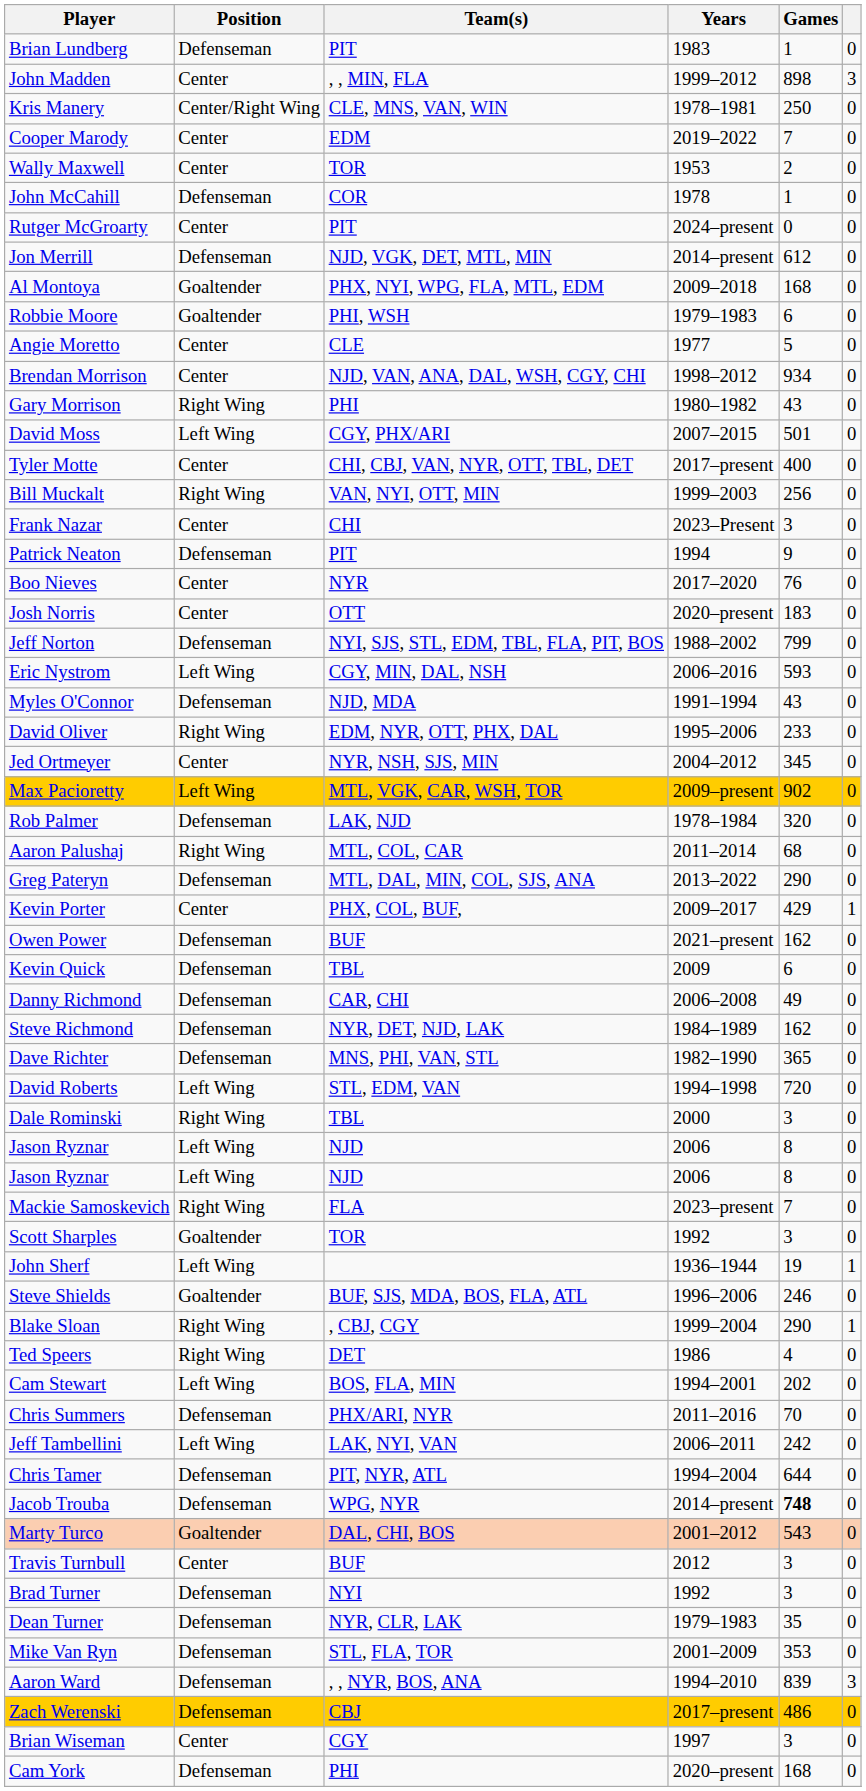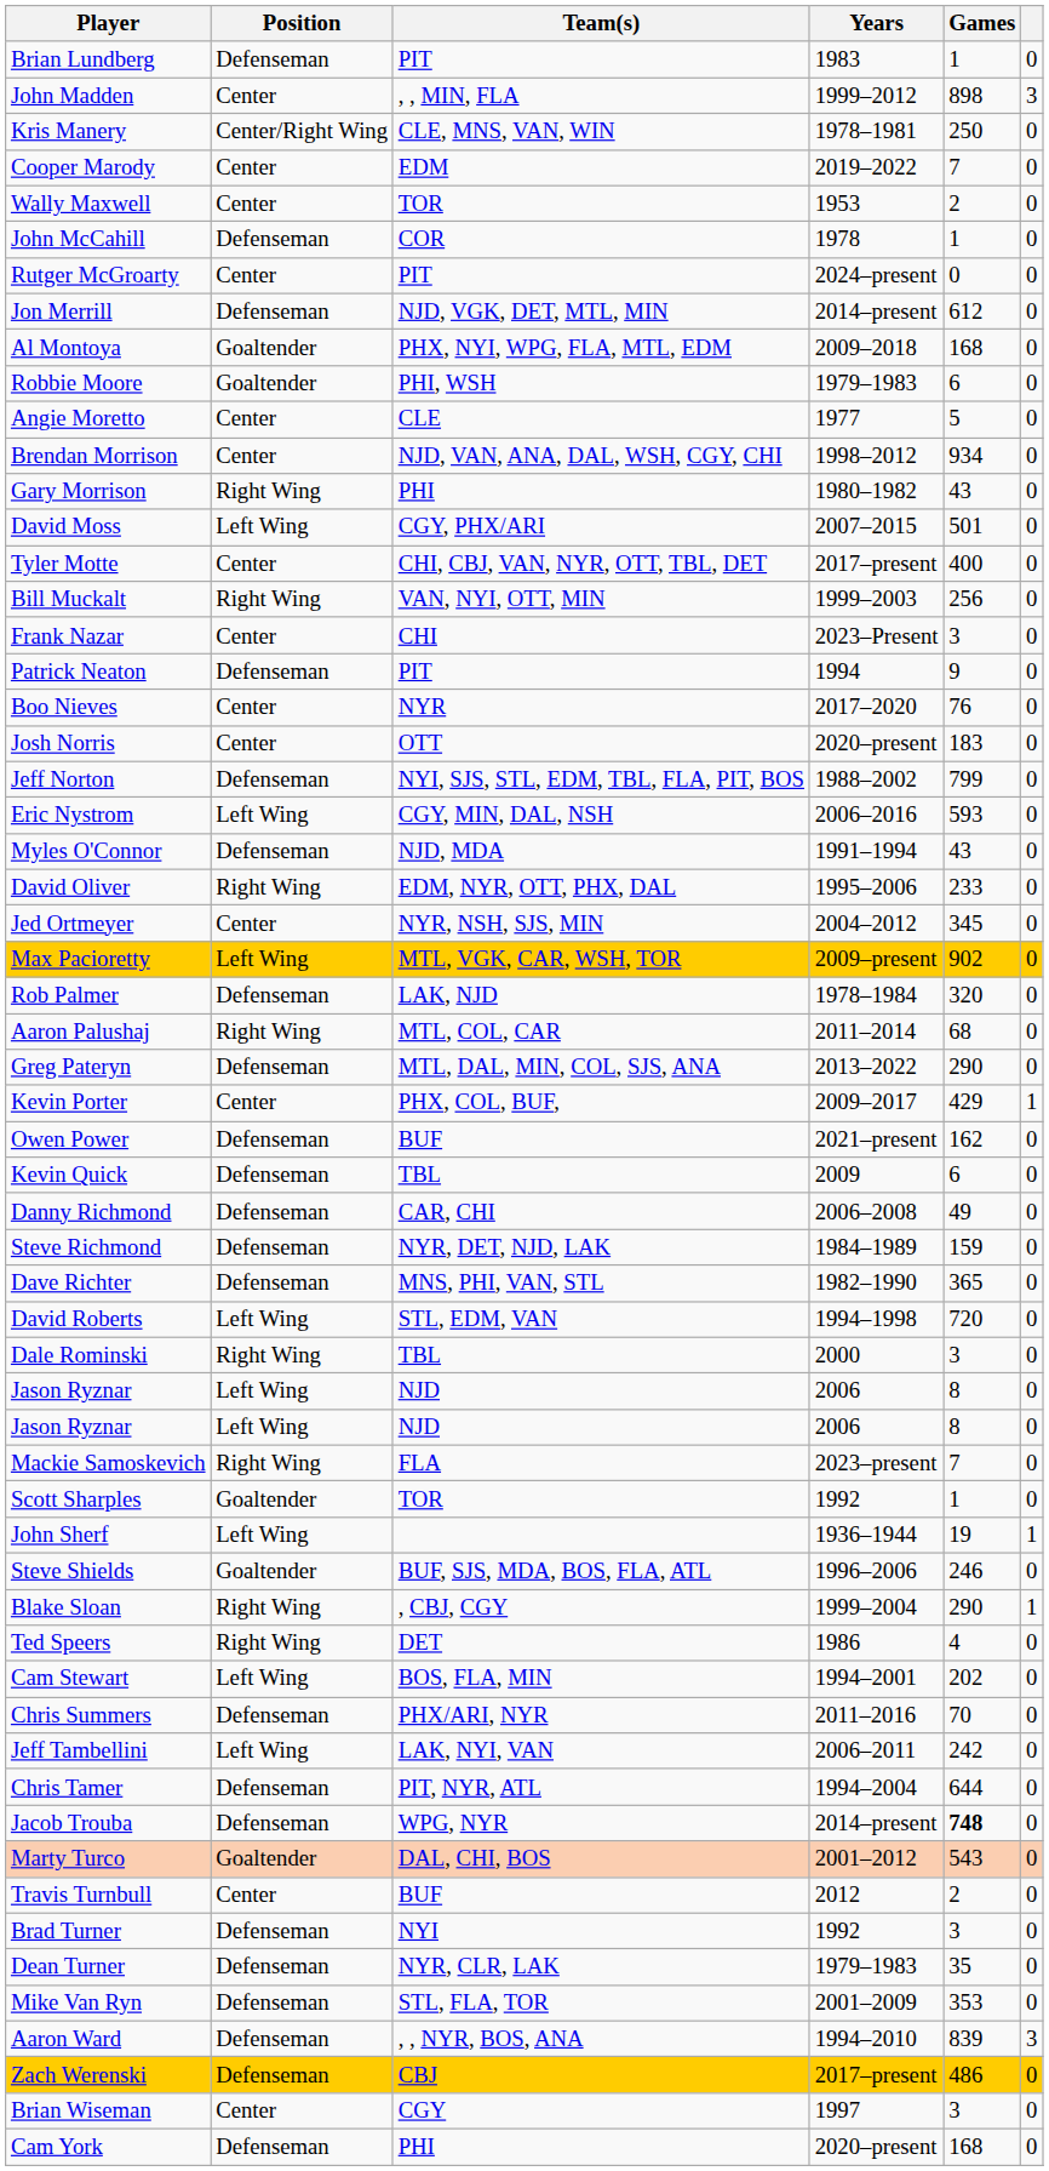 <table class="wikitable sortable">
 <tr>
 <th>Player</th>
 <th>Position</th>
 <th>Team(s)</th>
 <th>Years</th>
 <th>Games</th>
 <th><a href='#'></a></th>
 </tr>
 <tr>
 <td><a href='#'>Brian Lundberg</a></td>
 <td>Defenseman</td>
 <td><a href='#'>PIT</a></td>
 <td>1983</td>
 <td>1</td>
 <td>0</td>
 </tr>
 <tr>
 <td><a href='#'>John Madden</a></td>
 <td>Center</td>
 <td><span><strong></strong></span>, <span><strong></strong></span>, <a href='#'>MIN</a>, <a href='#'>FLA</a></td>
 <td>1999–2012</td>
 <td>898</td>
 <td>3</td>
 </tr>
 <tr>
 <td><a href='#'>Kris Manery</a></td>
 <td>Center/Right Wing</td>
 <td><a href='#'>CLE</a>, <a href='#'>MNS</a>, <a href='#'>VAN</a>, <a href='#'>WIN</a></td>
 <td>1978–1981</td>
 <td>250</td>
 <td>0</td>
 </tr>
 <tr>
 <td><a href='#'>Cooper Marody</a></td>
 <td>Center</td>
 <td><a href='#'>EDM</a></td>
 <td>2019–2022</td>
 <td>7</td>
 <td>0</td>
 </tr>
 <tr>
 <td><a href='#'>Wally Maxwell</a></td>
 <td>Center</td>
 <td><a href='#'>TOR</a></td>
 <td>1953</td>
 <td>2</td>
 <td>0</td>
 </tr>
 <tr>
 <td><a href='#'>John McCahill</a></td>
 <td>Defenseman</td>
 <td><a href='#'>COR</a></td>
 <td>1978</td>
 <td>1</td>
 <td>0</td>
 </tr>
 <tr>
 <td><a href='#'>Rutger McGroarty</a></td>
 <td>Center</td>
 <td><a href='#'>PIT</a></td>
 <td>2024–present</td>
 <td>0</td>
 <td>0</td>
 </tr>
 <tr>
 <td><a href='#'>Jon Merrill</a></td>
 <td>Defenseman</td>
 <td><a href='#'>NJD</a>, <a href='#'>VGK</a>, <a href='#'>DET</a>, <a href='#'>MTL</a>, <a href='#'>MIN</a></td>
 <td>2014–present</td>
 <td>612</td>
 <td>0</td>
 </tr>
 <tr>
 <td><a href='#'>Al Montoya</a></td>
 <td>Goaltender</td>
 <td><a href='#'>PHX</a>, <a href='#'>NYI</a>, <a href='#'>WPG</a>, <a href='#'>FLA</a>, <a href='#'>MTL</a>, <a href='#'>EDM</a></td>
 <td>2009–2018</td>
 <td>168</td>
 <td>0</td>
 </tr>
 <tr>
 <td><a href='#'>Robbie Moore</a></td>
 <td>Goaltender</td>
 <td><a href='#'>PHI</a>, <a href='#'>WSH</a></td>
 <td>1979–1983</td>
 <td>6</td>
 <td>0</td>
 </tr>
 <tr>
 <td><a href='#'>Angie Moretto</a></td>
 <td>Center</td>
 <td><a href='#'>CLE</a></td>
 <td>1977</td>
 <td>5</td>
 <td>0</td>
 </tr>
 <tr>
 <td><a href='#'>Brendan Morrison</a></td>
 <td>Center</td>
 <td><a href='#'>NJD</a>, <a href='#'>VAN</a>, <a href='#'>ANA</a>, <a href='#'>DAL</a>, <a href='#'>WSH</a>, <a href='#'>CGY</a>, <a href='#'>CHI</a></td>
 <td>1998–2012</td>
 <td>934</td>
 <td>0</td>
 </tr>
 <tr>
 <td><a href='#'>Gary Morrison</a></td>
 <td>Right Wing</td>
 <td><a href='#'>PHI</a></td>
 <td>1980–1982</td>
 <td>43</td>
 <td>0</td>
 </tr>
 <tr>
 <td><a href='#'>David Moss</a></td>
 <td>Left Wing</td>
 <td><a href='#'>CGY</a>, <a href='#'>PHX/ARI</a></td>
 <td>2007–2015</td>
 <td>501</td>
 <td>0</td>
 </tr>
 <tr>
 <td><a href='#'>Tyler Motte</a></td>
 <td>Center</td>
 <td><a href='#'>CHI</a>, <a href='#'>CBJ</a>, <a href='#'>VAN</a>, <a href='#'>NYR</a>, <a href='#'>OTT</a>, <a href='#'>TBL</a>, <a href='#'>DET</a></td>
 <td>2017–present</td>
 <td>400</td>
 <td>0</td>
 </tr>
 <tr>
 <td><a href='#'>Bill Muckalt</a></td>
 <td>Right Wing</td>
 <td><a href='#'>VAN</a>, <a href='#'>NYI</a>, <a href='#'>OTT</a>, <a href='#'>MIN</a></td>
 <td>1999–2003</td>
 <td>256</td>
 <td>0</td>
 </tr>
 <tr>
 <td><a href='#'>Frank Nazar</a></td>
 <td>Center</td>
 <td><a href='#'>CHI</a></td>
 <td>2023–Present</td>
 <td>3</td>
 <td>0</td>
 </tr>
 <tr>
 <td><a href='#'>Patrick Neaton</a></td>
 <td>Defenseman</td>
 <td><a href='#'>PIT</a></td>
 <td>1994</td>
 <td>9</td>
 <td>0</td>
 </tr>
 <tr>
 <td><a href='#'>Boo Nieves</a></td>
 <td>Center</td>
 <td><a href='#'>NYR</a></td>
 <td>2017–2020</td>
 <td>76</td>
 <td>0</td>
 </tr>
 <tr>
 <td><a href='#'>Josh Norris</a></td>
 <td>Center</td>
 <td><a href='#'>OTT</a></td>
 <td>2020–present</td>
 <td>183</td>
 <td>0</td>
 </tr>
 <tr>
 <td><a href='#'>Jeff Norton</a></td>
 <td>Defenseman</td>
 <td><a href='#'>NYI</a>, <a href='#'>SJS</a>, <a href='#'>STL</a>, <a href='#'>EDM</a>, <a href='#'>TBL</a>, <a href='#'>FLA</a>, <a href='#'>PIT</a>, <a href='#'>BOS</a></td>
 <td>1988–2002</td>
 <td>799</td>
 <td>0</td>
 </tr>
 <tr>
 <td><a href='#'>Eric Nystrom</a></td>
 <td>Left Wing</td>
 <td><a href='#'>CGY</a>, <a href='#'>MIN</a>, <a href='#'>DAL</a>, <a href='#'>NSH</a></td>
 <td>2006–2016</td>
 <td>593</td>
 <td>0</td>
 </tr>
 <tr>
 <td><a href='#'>Myles O'Connor</a></td>
 <td>Defenseman</td>
 <td><a href='#'>NJD</a>, <a href='#'>MDA</a></td>
 <td>1991–1994</td>
 <td>43</td>
 <td>0</td>
 </tr>
 <tr>
 <td><a href='#'>David Oliver</a></td>
 <td>Right Wing</td>
 <td><a href='#'>EDM</a>, <a href='#'>NYR</a>, <a href='#'>OTT</a>, <a href='#'>PHX</a>, <a href='#'>DAL</a></td>
 <td>1995–2006</td>
 <td>233</td>
 <td>0</td>
 </tr>
 <tr>
 <td><a href='#'>Jed Ortmeyer</a></td>
 <td>Center</td>
 <td><a href='#'>NYR</a>, <a href='#'>NSH</a>, <a href='#'>SJS</a>, <a href='#'>MIN</a></td>
 <td>2004–2012</td>
 <td>345</td>
 <td>0</td>
 </tr>
 <tr bgcolor=FFCC00>
 <td><a href='#'>Max Pacioretty</a></td>
 <td>Left Wing</td>
 <td><a href='#'>MTL</a>, <a href='#'>VGK</a>, <a href='#'>CAR</a>, <a href='#'>WSH</a>, <a href='#'>TOR</a></td>
 <td>2009–present</td>
 <td>902</td>
 <td>0</td>
 </tr>
 <tr>
 <td><a href='#'>Rob Palmer</a></td>
 <td>Defenseman</td>
 <td><a href='#'>LAK</a>, <a href='#'>NJD</a></td>
 <td>1978–1984</td>
 <td>320</td>
 <td>0</td>
 </tr>
 <tr>
 <td><a href='#'>Aaron Palushaj</a></td>
 <td>Right Wing</td>
 <td><a href='#'>MTL</a>, <a href='#'>COL</a>, <a href='#'>CAR</a></td>
 <td>2011–2014</td>
 <td>68</td>
 <td>0</td>
 </tr>
 <tr>
 <td><a href='#'>Greg Pateryn</a></td>
 <td>Defenseman</td>
 <td><a href='#'>MTL</a>, <a href='#'>DAL</a>, <a href='#'>MIN</a>, <a href='#'>COL</a>, <a href='#'>SJS</a>, <a href='#'>ANA</a></td>
 <td>2013–2022</td>
 <td>290</td>
 <td>0</td>
 </tr>
 <tr>
 <td><a href='#'>Kevin Porter</a></td>
 <td>Center</td>
 <td><a href='#'>PHX</a>, <a href='#'>COL</a>, <a href='#'>BUF</a>, <span><strong></strong></span></td>
 <td>2009–2017</td>
 <td>429</td>
 <td>1</td>
 </tr>
 <tr>
 <td><a href='#'>Owen Power</a></td>
 <td>Defenseman</td>
 <td><a href='#'>BUF</a></td>
 <td>2021–present</td>
 <td>162</td>
 <td>0</td>
 </tr>
 <tr>
 <td><a href='#'>Kevin Quick</a></td>
 <td>Defenseman</td>
 <td><a href='#'>TBL</a></td>
 <td>2009</td>
 <td>6</td>
 <td>0</td>
 </tr>
 <tr>
 <td><a href='#'>Danny Richmond</a></td>
 <td>Defenseman</td>
 <td><a href='#'>CAR</a>, <a href='#'>CHI</a></td>
 <td>2006–2008</td>
 <td>49</td>
 <td>0</td>
 </tr>
 <tr>
 <td><a href='#'>Steve Richmond</a></td>
 <td>Defenseman</td>
 <td><a href='#'>NYR</a>, <a href='#'>DET</a>, <a href='#'>NJD</a>, <a href='#'>LAK</a></td>
 <td>1984–1989</td>
-<td>162</td>
+<td>159</td>
 <td>0</td>
 </tr>
 <tr>
 <td><a href='#'>Dave Richter</a></td>
 <td>Defenseman</td>
 <td><a href='#'>MNS</a>, <a href='#'>PHI</a>, <a href='#'>VAN</a>, <a href='#'>STL</a></td>
 <td>1982–1990</td>
 <td>365</td>
 <td>0</td>
 </tr>
 <tr>
 <td><a href='#'>David Roberts</a></td>
 <td>Left Wing</td>
 <td><a href='#'>STL</a>, <a href='#'>EDM</a>, <a href='#'>VAN</a></td>
 <td>1994–1998</td>
 <td>720</td>
 <td>0</td>
 </tr>
 <tr>
 <td><a href='#'>Dale Rominski</a></td>
 <td>Right Wing</td>
 <td><a href='#'>TBL</a></td>
 <td>2000</td>
 <td>3</td>
 <td>0</td>
 </tr>
 <tr>
 <td><a href='#'>Jason Ryznar</a></td>
 <td>Left Wing</td>
 <td><a href='#'>NJD</a></td>
 <td>2006</td>
 <td>8</td>
 <td>0</td>
 </tr>
 <tr>
 <td><a href='#'>Jason Ryznar</a></td>
 <td>Left Wing</td>
 <td><a href='#'>NJD</a></td>
 <td>2006</td>
 <td>8</td>
 <td>0</td>
 </tr>
 <tr>
 <td><a href='#'>Mackie Samoskevich</a></td>
 <td>Right Wing</td>
 <td><a href='#'>FLA</a></td>
 <td>2023–present</td>
 <td>7</td>
 <td>0</td>
 </tr>
 <tr>
 <td><a href='#'>Scott Sharples</a></td>
 <td>Goaltender</td>
 <td><a href='#'>TOR</a></td>
 <td>1992</td>
-<td>3</td>
+<td>1</td>
 <td>0</td>
 </tr>
 <tr>
 <td><a href='#'>John Sherf</a></td>
 <td>Left Wing</td>
 <td><span><strong></strong></span></td>
 <td>1936–1944</td>
 <td>19</td>
 <td>1</td>
 </tr>
 <tr>
 <td><a href='#'>Steve Shields</a></td>
 <td>Goaltender</td>
 <td><a href='#'>BUF</a>, <a href='#'>SJS</a>, <a href='#'>MDA</a>, <a href='#'>BOS</a>, <a href='#'>FLA</a>, <a href='#'>ATL</a></td>
 <td>1996–2006</td>
 <td>246</td>
 <td>0</td>
 </tr>
 <tr>
 <td><a href='#'>Blake Sloan</a></td>
 <td>Right Wing</td>
 <td><span><strong></strong></span>, <a href='#'>CBJ</a>, <a href='#'>CGY</a></td>
 <td>1999–2004</td>
 <td>290</td>
 <td>1</td>
 </tr>
 <tr>
 <td><a href='#'>Ted Speers</a></td>
 <td>Right Wing</td>
 <td><a href='#'>DET</a></td>
 <td>1986</td>
 <td>4</td>
 <td>0</td>
 </tr>
 <tr>
 <td><a href='#'>Cam Stewart</a></td>
 <td>Left Wing</td>
 <td><a href='#'>BOS</a>, <a href='#'>FLA</a>, <a href='#'>MIN</a></td>
 <td>1994–2001</td>
 <td>202</td>
 <td>0</td>
 </tr>
 <tr>
 <td><a href='#'>Chris Summers</a></td>
 <td>Defenseman</td>
 <td><a href='#'>PHX/ARI</a>, <a href='#'>NYR</a></td>
 <td>2011–2016</td>
 <td>70</td>
 <td>0</td>
 </tr>
 <tr>
 <td><a href='#'>Jeff Tambellini</a></td>
 <td>Left Wing</td>
 <td><a href='#'>LAK</a>, <a href='#'>NYI</a>, <a href='#'>VAN</a></td>
 <td>2006–2011</td>
 <td>242</td>
 <td>0</td>
 </tr>
 <tr>
 <td><a href='#'>Chris Tamer</a></td>
 <td>Defenseman</td>
 <td><a href='#'>PIT</a>, <a href='#'>NYR</a>, <a href='#'>ATL</a></td>
 <td>1994–2004</td>
 <td>644</td>
 <td>0</td>
 </tr>
 <tr>
 <td><a href='#'>Jacob Trouba</a></td>
 <td>Defenseman</td>
 <td><a href='#'>WPG</a>, <a href='#'>NYR</a></td>
 <td>2014–present</td>
 <td><strong>748</strong></td>
 <td>0</td>
 </tr>
 <tr bgcolor=FBCEB1>
 <td><a href='#'>Marty Turco</a></td>
 <td>Goaltender</td>
 <td><a href='#'>DAL</a>, <a href='#'>CHI</a>, <a href='#'>BOS</a></td>
 <td>2001–2012</td>
 <td>543</td>
 <td>0</td>
 </tr>
 <tr>
 <td><a href='#'>Travis Turnbull</a></td>
 <td>Center</td>
 <td><a href='#'>BUF</a></td>
 <td>2012</td>
-<td>3</td>
+<td>2</td>
 <td>0</td>
 </tr>
 <tr>
 <td><a href='#'>Brad Turner</a></td>
 <td>Defenseman</td>
 <td><a href='#'>NYI</a></td>
 <td>1992</td>
 <td>3</td>
 <td>0</td>
 </tr>
 <tr>
 <td><a href='#'>Dean Turner</a></td>
 <td>Defenseman</td>
 <td><a href='#'>NYR</a>, <a href='#'>CLR</a>, <a href='#'>LAK</a></td>
 <td>1979–1983</td>
 <td>35</td>
 <td>0</td>
 </tr>
 <tr>
 <td><a href='#'>Mike Van Ryn</a></td>
 <td>Defenseman</td>
 <td><a href='#'>STL</a>, <a href='#'>FLA</a>, <a href='#'>TOR</a></td>
 <td>2001–2009</td>
 <td>353</td>
 <td>0</td>
 </tr>
 <tr>
 <td><a href='#'>Aaron Ward</a></td>
 <td>Defenseman</td>
 <td><span><strong></strong></span>, <span><strong></strong></span>, <a href='#'>NYR</a>, <a href='#'>BOS</a>, <a href='#'>ANA</a></td>
 <td>1994–2010</td>
 <td>839</td>
 <td>3</td>
 </tr>
 <tr bgcolor=FFCC00>
 <td><a href='#'>Zach Werenski</a></td>
 <td>Defenseman</td>
 <td><a href='#'>CBJ</a></td>
 <td>2017–present</td>
 <td>486</td>
 <td>0</td>
 </tr>
 <tr>
 <td><a href='#'>Brian Wiseman</a></td>
 <td>Center</td>
 <td><a href='#'>CGY</a></td>
 <td>1997</td>
 <td>3</td>
 <td>0</td>
 </tr>
 <tr>
 <td><a href='#'>Cam York</a></td>
 <td>Defenseman</td>
 <td><a href='#'>PHI</a></td>
 <td>2020–present</td>
 <td>168</td>
 <td>0</td>
 </tr>
 <tr>
 </tr>
 </table>
